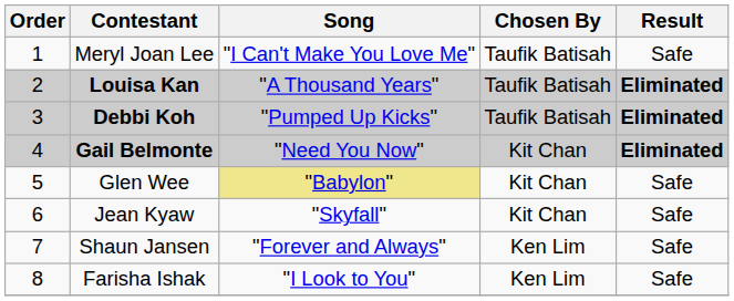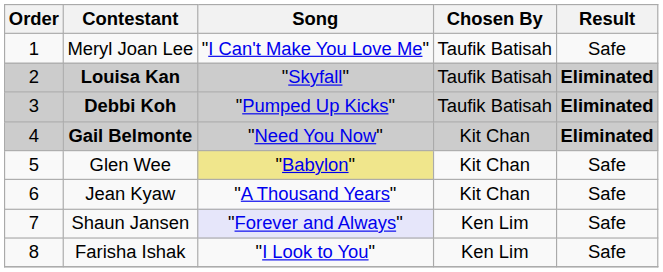 <table class="wikitable plainrowheaders" style="text-align:center;">
 <tr>
 <th scope="col">Order</th>
 <th scope="col">Contestant</th>
 <th scope="col">Song</th>
 <th scope="col">Chosen By</th>
 <th scope="col">Result</th>
 </tr>
 <tr>
 <td>1</td>
 <td>Meryl Joan Lee</td>
 <td>"<a href='#'>I Can't Make You Love Me</a>"</td>
 <td>Taufik Batisah</td>
 <td>Safe</td>
 </tr>
 <tr style="background:#ccc;">
 <td>2</td>
 <td><strong>Louisa Kan</strong></td>
-<td>"<a href='#'>A Thousand Years</a>"</td>
+<td>"<a href='#'>Skyfall</a>"</td>
 <td>Taufik Batisah</td>
 <td><strong>Eliminated</strong></td>
 </tr>
 <tr style="background:#ccc;">
 <td>3</td>
 <td><strong>Debbi Koh</strong></td>
 <td>"<a href='#'>Pumped Up Kicks</a>"</td>
 <td>Taufik Batisah</td>
 <td><strong>Eliminated</strong></td>
 </tr>
 <tr style="background:#ccc;">
 <td>4</td>
 <td><strong>Gail Belmonte</strong></td>
 <td>"<a href='#'>Need You Now</a>"</td>
 <td>Kit Chan</td>
 <td><strong>Eliminated</strong></td>
 </tr>
 <tr>
 <td>5</td>
 <td>Glen Wee</td>
 <td style="background: khaki;">"<a href='#'>Babylon</a>"</td>
 <td>Kit Chan</td>
 <td>Safe</td>
 </tr>
 <tr>
 <td>6</td>
 <td>Jean Kyaw</td>
-<td>"<a href='#'>Skyfall</a>"</td>
+<td>"<a href='#'>A Thousand Years</a>"</td>
 <td>Kit Chan</td>
 <td>Safe</td>
 </tr>
 <tr>
 <td>7</td>
 <td>Shaun Jansen</td>
-<td>"<a href='#'>Forever and Always</a>"</td>
+<td style="background: lavender;">"<a href='#'>Forever and Always</a>"</td>
 <td>Ken Lim</td>
 <td>Safe</td>
 </tr>
 <tr>
 <td>8</td>
 <td>Farisha Ishak</td>
 <td>"<a href='#'>I Look to You</a>"</td>
 <td>Ken Lim</td>
 <td>Safe</td>
 </tr>
 <tr>
 </tr>
 </table>
